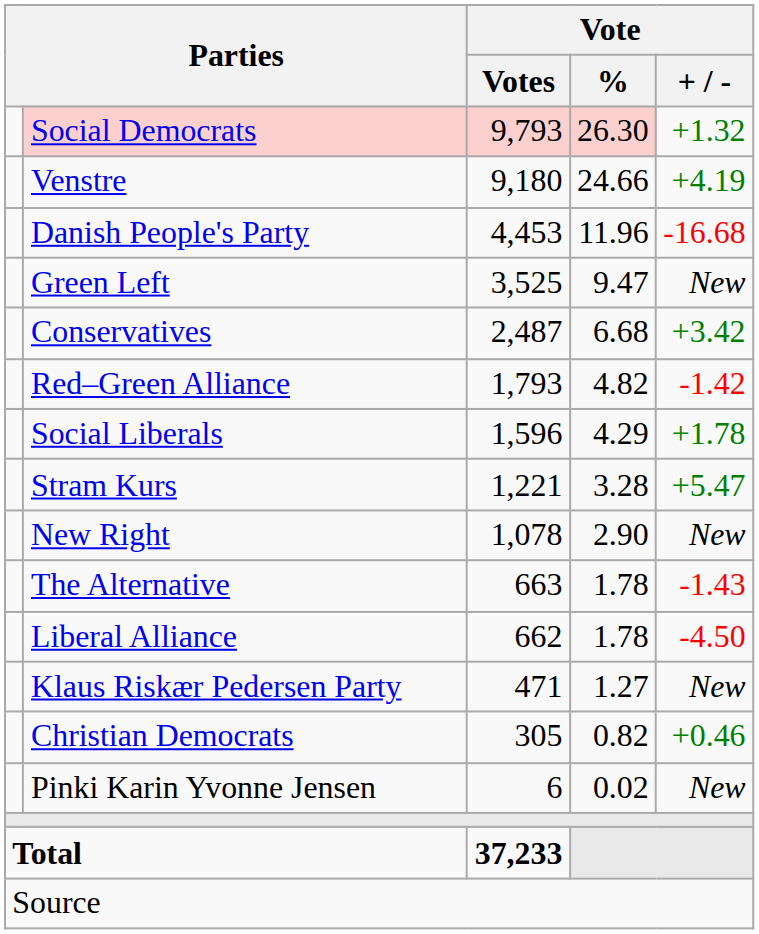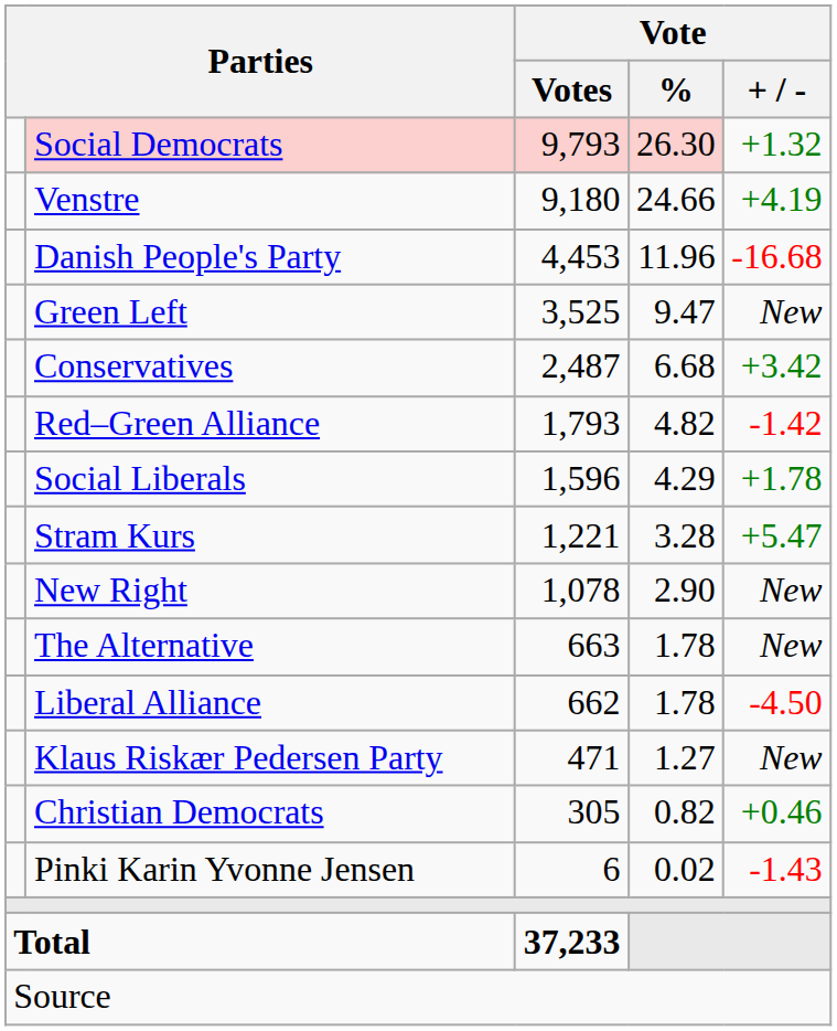 <table class="wikitable" style="text-align:right;">
 <tr>
 <th style="text-align:centre;" rowspan="2" colspan="2" width="225">Parties</th>
 <th colspan="3">Vote</th>
 </tr>
 <tr>
 <th width="15">Votes</th>
 <th width="15">%</th>
 <th width="15">+ / -</th>
 </tr>
 <tr>
 <td width="2" style="color:inherit;background:"></td>
 <td bgcolor=#fbd0ce  align="left"><a href='#'>Social Democrats</a></td>
 <td bgcolor=#fbd0ce>9,793</td>
 <td bgcolor=#fbd0ce>26.30</td>
 <td style=color:green;>+1.32</td>
 </tr>
 <tr>
 <td width="2" style="color:inherit;background:"></td>
 <td align="left"><a href='#'>Venstre</a></td>
 <td>9,180</td>
 <td>24.66</td>
 <td style=color:green;>+4.19</td>
 </tr>
 <tr>
 <td width="2" style="color:inherit;background:"></td>
 <td align="left"><a href='#'>Danish People's Party</a></td>
 <td>4,453</td>
 <td>11.96</td>
 <td style=color:red;>-16.68</td>
 </tr>
 <tr>
 <td width="2" style="color:inherit;background:"></td>
 <td align="left"><a href='#'>Green Left</a></td>
 <td>3,525</td>
 <td>9.47</td>
 <td><em>New</em></td>
 </tr>
 <tr>
 <td width="2" style="color:inherit;background:"></td>
 <td align="left"><a href='#'>Conservatives</a></td>
 <td>2,487</td>
 <td>6.68</td>
 <td style=color:green;>+3.42</td>
 </tr>
 <tr>
 <td width="2" style="color:inherit;background:"></td>
 <td align="left"><a href='#'>Red–Green Alliance</a></td>
 <td>1,793</td>
 <td>4.82</td>
 <td style=color:red;>-1.42</td>
 </tr>
 <tr>
 <td width="2" style="color:inherit;background:"></td>
 <td align="left"><a href='#'>Social Liberals</a></td>
 <td>1,596</td>
 <td>4.29</td>
 <td style=color:green;>+1.78</td>
 </tr>
 <tr>
 <td width="2" style="color:inherit;background:"></td>
 <td align="left"><a href='#'>Stram Kurs</a></td>
 <td>1,221</td>
 <td>3.28</td>
 <td style=color:green;>+5.47</td>
 </tr>
 <tr>
 <td width="2" style="color:inherit;background:"></td>
 <td align="left"><a href='#'>New Right</a></td>
 <td>1,078</td>
 <td>2.90</td>
 <td><em>New</em></td>
 </tr>
 <tr>
 <td width="2" style="color:inherit;background:"></td>
 <td align="left"><a href='#'>The Alternative</a></td>
 <td>663</td>
 <td>1.78</td>
-<td style=color:red;>-1.43</td>
+<td><em>New</em></td>
 </tr>
 <tr>
 <td width="2" style="color:inherit;background:"></td>
 <td align="left"><a href='#'>Liberal Alliance</a></td>
 <td>662</td>
 <td>1.78</td>
 <td style=color:red;>-4.50</td>
 </tr>
 <tr>
 <td width="2" style="color:inherit;background:"></td>
 <td align="left"><a href='#'>Klaus Riskær Pedersen Party</a></td>
 <td>471</td>
 <td>1.27</td>
 <td><em>New</em></td>
 </tr>
 <tr>
 <td width="2" style="color:inherit;background:"></td>
 <td align="left"><a href='#'>Christian Democrats</a></td>
 <td>305</td>
 <td>0.82</td>
 <td style=color:green;>+0.46</td>
 </tr>
 <tr>
 <td width="2" style="color:inherit;background:"></td>
 <td align="left">Pinki Karin Yvonne Jensen</td>
 <td>6</td>
 <td>0.02</td>
-<td><em>New</em></td>
+<td style=color:red;>-1.43</td>
 </tr>
 <tr>
 <td colspan="7" bgcolor="#E9E9E9"></td>
 </tr>
 <tr>
 <td align="left" colspan="2"><strong>Total</strong></td>
 <td><strong>37,233</strong></td>
 <td bgcolor="#E9E9E9" colspan="2"></td>
 </tr>
 <tr>
 <td align="left" colspan="6">Source</td>
 </tr>
 </table>
